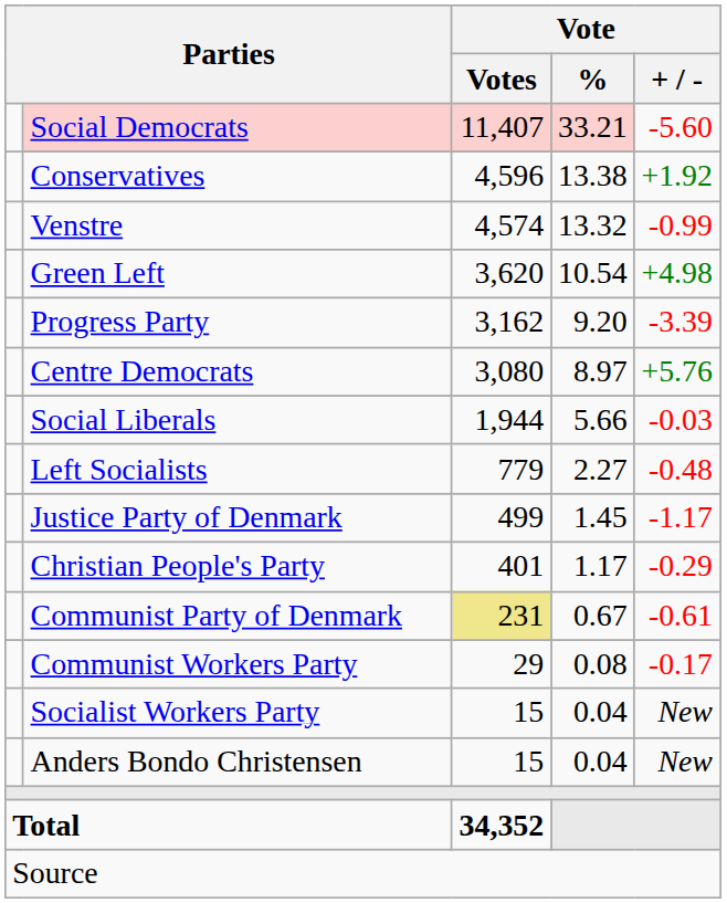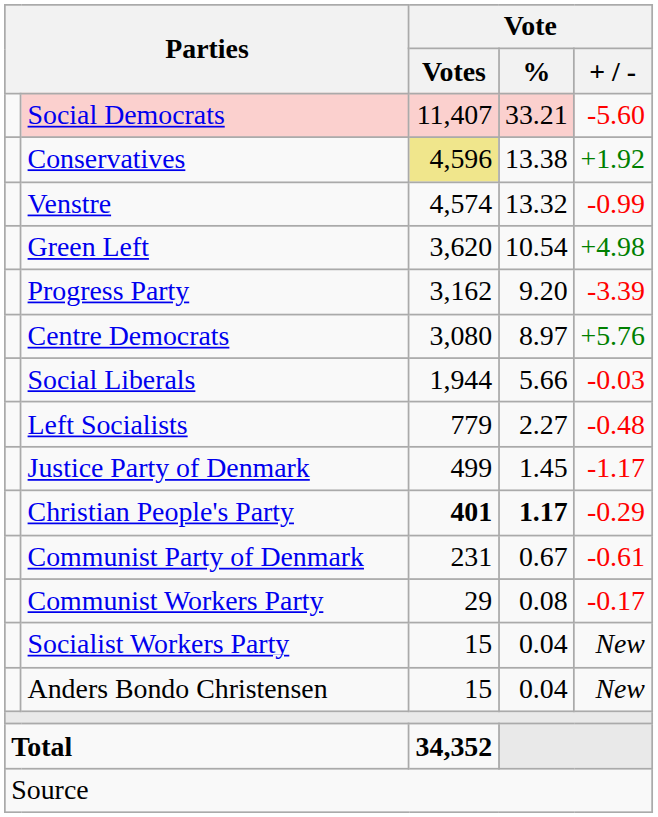 <table class="wikitable" style="text-align:right;">
 <tr>
 <th style="text-align:centre;" rowspan="2" colspan="2" width="225">Parties</th>
 <th colspan="3">Vote</th>
 </tr>
 <tr>
 <th width="15">Votes</th>
 <th width="15">%</th>
 <th width="15">+ / -</th>
 </tr>
 <tr>
 <td width="2" style="color:inherit;background:"></td>
 <td bgcolor=#fbd0ce  align="left"><a href='#'>Social Democrats</a></td>
 <td bgcolor=#fbd0ce>11,407</td>
 <td bgcolor=#fbd0ce>33.21</td>
 <td style=color:red;>-5.60</td>
 </tr>
 <tr>
 <td width="2" style="color:inherit;background:"></td>
 <td align="left"><a href='#'>Conservatives</a></td>
-<td>4,596</td>
+<td style="background: khaki;">4,596</td>
 <td>13.38</td>
 <td style=color:green;>+1.92</td>
 </tr>
 <tr>
 <td width="2" style="color:inherit;background:"></td>
 <td align="left"><a href='#'>Venstre</a></td>
 <td>4,574</td>
 <td>13.32</td>
 <td style=color:red;>-0.99</td>
 </tr>
 <tr>
 <td width="2" style="color:inherit;background:"></td>
 <td align="left"><a href='#'>Green Left</a></td>
 <td>3,620</td>
 <td>10.54</td>
 <td style=color:green;>+4.98</td>
 </tr>
 <tr>
 <td width="2" style="color:inherit;background:"></td>
 <td align="left"><a href='#'>Progress Party</a></td>
 <td>3,162</td>
 <td>9.20</td>
 <td style=color:red;>-3.39</td>
 </tr>
 <tr>
 <td width="2" style="color:inherit;background:"></td>
 <td align="left"><a href='#'>Centre Democrats</a></td>
 <td>3,080</td>
 <td>8.97</td>
 <td style=color:green;>+5.76</td>
 </tr>
 <tr>
 <td width="2" style="color:inherit;background:"></td>
 <td align="left"><a href='#'>Social Liberals</a></td>
 <td>1,944</td>
 <td>5.66</td>
 <td style=color:red;>-0.03</td>
 </tr>
 <tr>
 <td width="2" style="color:inherit;background:"></td>
 <td align="left"><a href='#'>Left Socialists</a></td>
 <td>779</td>
 <td>2.27</td>
 <td style=color:red;>-0.48</td>
 </tr>
 <tr>
 <td width="2" style="color:inherit;background:"></td>
 <td align="left"><a href='#'>Justice Party of Denmark</a></td>
 <td>499</td>
 <td>1.45</td>
 <td style=color:red;>-1.17</td>
 </tr>
 <tr>
 <td width="2" style="color:inherit;background:"></td>
 <td align="left"><a href='#'>Christian People's Party</a></td>
-<td>401</td>
-<td>1.17</td>
+<td><strong>401</strong></td>
+<td><strong>1.17</strong></td>
 <td style=color:red;>-0.29</td>
 </tr>
 <tr>
 <td width="2" style="color:inherit;background:"></td>
 <td align="left"><a href='#'>Communist Party of Denmark</a></td>
-<td style="background: khaki;">231</td>
+<td>231</td>
 <td>0.67</td>
 <td style=color:red;>-0.61</td>
 </tr>
 <tr>
 <td width="2" style="color:inherit;background:"></td>
 <td align="left"><a href='#'>Communist Workers Party</a></td>
 <td>29</td>
 <td>0.08</td>
 <td style=color:red;>-0.17</td>
 </tr>
 <tr>
 <td width="2" style="color:inherit;background:"></td>
 <td align="left"><a href='#'>Socialist Workers Party</a></td>
 <td>15</td>
 <td>0.04</td>
 <td><em>New</em></td>
 </tr>
 <tr>
 <td width="2" style="color:inherit;background:"></td>
 <td align="left">Anders Bondo Christensen</td>
 <td>15</td>
 <td>0.04</td>
 <td><em>New</em></td>
 </tr>
 <tr>
 <td colspan="7" bgcolor="#E9E9E9"></td>
 </tr>
 <tr>
 <td align="left" colspan="2"><strong>Total</strong></td>
 <td><strong>34,352</strong></td>
 <td bgcolor="#E9E9E9" colspan="2"></td>
 </tr>
 <tr>
 <td align="left" colspan="6">Source</td>
 </tr>
 </table>
